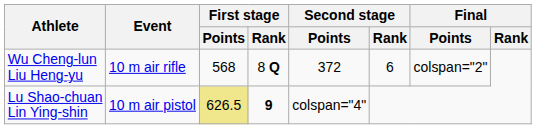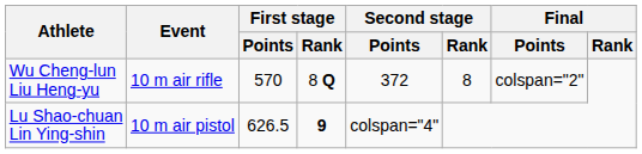 <table class="wikitable" style="font-size:90%; text-align:center">
 <tr>
 <th rowspan="2">Athlete</th>
 <th rowspan="2">Event</th>
 <th colspan="2">First stage</th>
 <th colspan="2">Second stage</th>
 <th colspan="2">Final</th>
 </tr>
 <tr>
 <th>Points</th>
 <th>Rank</th>
 <th>Points</th>
 <th>Rank</th>
 <th>Points</th>
 <th>Rank</th>
 </tr>
 <tr>
 <td align="left"><a href='#'>Wu Cheng-lun</a><br><a href='#'>Liu Heng-yu</a></td>
 <td align="left"><a href='#'>10 m air rifle</a></td>
-<td>568</td>
+<td>570</td>
 <td>8 <strong>Q</strong></td>
 <td>372</td>
-<td>6</td>
+<td>8</td>
 <td>colspan="2" </td>
 </tr>
 <tr>
 <td align="left"><a href='#'>Lu Shao-chuan</a><br><a href='#'>Lin Ying-shin</a></td>
 <td align="left"><a href='#'>10 m air pistol</a></td>
-<td style="background: khaki;">626.5</td>
+<td>626.5</td>
 <td><strong>9</strong></td>
 <td>colspan="4" </td>
 </tr>
 </table>
